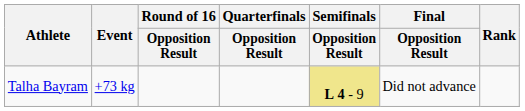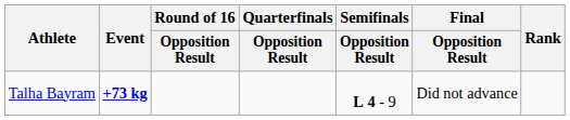 <table class="wikitable" style="font-size:90%;">
 <tr>
 <th rowspan=2>Athlete</th>
 <th rowspan=2>Event</th>
 <th>Round of 16</th>
 <th>Quarterfinals</th>
 <th>Semifinals</th>
 <th>Final</th>
 <th rowspan=2>Rank</th>
 </tr>
 <tr style="font-size:95%">
 <th>Opposition<br>Result</th>
 <th>Opposition<br>Result</th>
 <th>Opposition<br>Result</th>
 <th>Opposition<br>Result</th>
 </tr>
 <tr align=center>
 <td align=left><a href='#'>Talha Bayram</a></td>
-<td align=left><a href='#'>+73 kg</a></td>
+<td align=left><strong><a href='#'>+73 kg</a></strong></td>
 <td></td>
 <td></td>
-<td style="background: khaki;"><br><strong>L</strong> <strong>4</strong> - 9</td>
+<td><br><strong>L</strong> <strong>4</strong> - 9</td>
 <td>Did not advance</td>
 <td></td>
 </tr>
 </table>
